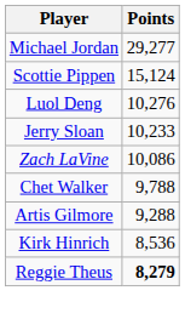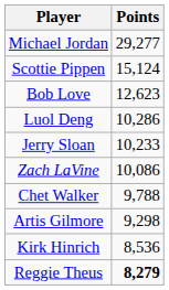 <table class="wikitable sortable">
 <tr>
 <th scope="col">Player</th>
 <th scope="col">Points</th>
 </tr>
 <tr>
 <td style="text-align:center"><a href='#'>Michael Jordan</a></td>
 <td style="text-align:right">29,277</td>
 </tr>
 <tr>
 <td style="text-align:center"><a href='#'>Scottie Pippen</a></td>
 <td style="text-align:right">15,124</td>
 </tr>
 <tr>
+<td style="text-align:center"><a href='#'>Bob Love</a></td>
+<td style="text-align:right">12,623</td>
+</tr>
+<tr>
 <td style="text-align:center"><a href='#'>Luol Deng</a></td>
-<td style="text-align:right">10,276</td>
+<td style="text-align:right">10,286</td>
 </tr>
 <tr>
 <td style="text-align:center"><a href='#'>Jerry Sloan</a></td>
 <td style="text-align:right">10,233</td>
 </tr>
 <tr>
 <td style="text-align:center"><em><a href='#'>Zach LaVine</a></em></td>
 <td style="text-align:right">10,086</td>
 </tr>
 <tr>
 <td style="text-align:center"><a href='#'>Chet Walker</a></td>
 <td style="text-align:right">9,788</td>
 </tr>
 <tr>
 <td style="text-align:center"><a href='#'>Artis Gilmore</a></td>
-<td style="text-align:right">9,288</td>
+<td style="text-align:right">9,298</td>
 </tr>
 <tr>
 <td style="text-align:center"><a href='#'>Kirk Hinrich</a></td>
 <td style="text-align:right">8,536</td>
 </tr>
 <tr>
 <td style="text-align:center"><a href='#'>Reggie Theus</a></td>
 <td style="text-align:right"><strong>8,279</strong></td>
 </tr>
 </table>
